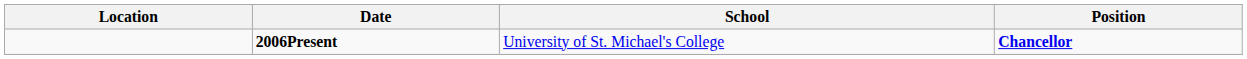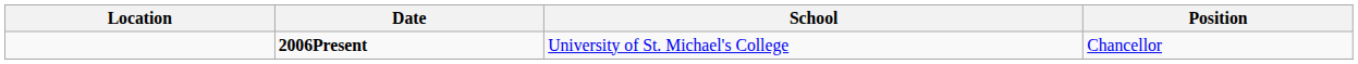 <table class="wikitable" style="width:100%;">
 <tr>
 <th style="width:20%;">Location</th>
 <th style="width:20%;">Date</th>
 <th style="width:40%;">School</th>
 <th style="width:20%;">Position</th>
 </tr>
 <tr>
 <td></td>
 <td><strong>2006Present</strong></td>
 <td><a href='#'>University of St. Michael's College</a></td>
-<td><strong><a href='#'>Chancellor</a></strong></td>
+<td><a href='#'>Chancellor</a></td>
 </tr>
 <tr>
 </tr>
 </table>
